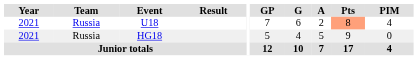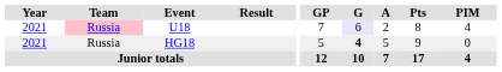 <table border="0" cellpadding="1" cellspacing="0" ID="Table3" style="text-align:center; width:40em">
 <tr bgcolor="#e0e0e0">
 <th>Year</th>
 <th>Team</th>
 <th>Event</th>
 <th>Result</th>
 <th rowspan="99" bgcolor="#ffffff"></th>
 <th>GP</th>
 <th>G</th>
 <th>A</th>
 <th>Pts</th>
 <th>PIM</th>
 </tr>
 <tr>
 <td><a href='#'>2021</a></td>
-<td><a href='#'>Russia</a></td>
+<td style="background: pink;"><a href='#'>Russia</a></td>
 <td><a href='#'>U18</a></td>
 <td></td>
 <td>7</td>
-<td>6</td>
+<td style="background: lavender;">6</td>
 <td>2</td>
-<td style="background: lightsalmon;">8</td>
+<td>8</td>
 <td>4</td>
 </tr>
 <tr bgcolor="#f0f0f0">
 <td><a href='#'>2021</a></td>
 <td>Russia</td>
 <td><a href='#'>HG18</a></td>
 <td></td>
 <td>5</td>
-<td>4</td>
+<td><strong>4</strong></td>
 <td>5</td>
 <td>9</td>
 <td>0</td>
 </tr>
 <tr bgcolor="#e0e0e0">
 <th colspan="4">Junior totals</th>
 <th>12</th>
 <th>10</th>
 <th>7</th>
 <th>17</th>
 <th>4</th>
 </tr>
 </table>
